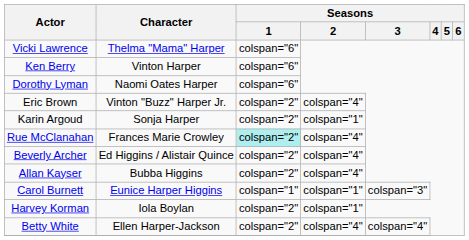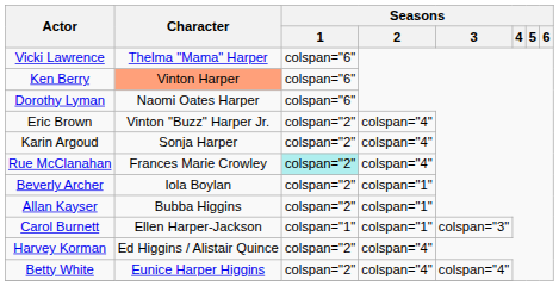 <table class="wikitable plainrowheaders" style="text-align:center;">
 <tr>
 <th scope="col" rowspan="2">Actor</th>
 <th scope="col" rowspan="2">Character</th>
 <th scope="col" colspan="6">Seasons</th>
 </tr>
 <tr>
 <th scope="col">1</th>
 <th scope="col">2</th>
 <th scope="col">3</th>
 <th scope="col">4</th>
 <th scope="col">5</th>
 <th scope="col">6</th>
 </tr>
 <tr>
 <td scope="row"><a href='#'>Vicki Lawrence</a></td>
 <td scope="row"><a href='#'>Thelma "Mama" Harper</a></td>
 <td>colspan="6" </td>
 </tr>
 <tr>
 <td scope="row"><a href='#'>Ken Berry</a></td>
-<td scope="row">Vinton Harper</td>
+<td scope="row" style="background: lightsalmon;">Vinton Harper</td>
 <td>colspan="6" </td>
 </tr>
 <tr>
 <td scope="row"><a href='#'>Dorothy Lyman</a></td>
 <td scope="row">Naomi Oates Harper</td>
 <td>colspan="6" </td>
 </tr>
 <tr>
 <td scope="row">Eric Brown</td>
 <td scope="row">Vinton "Buzz" Harper Jr.</td>
 <td>colspan="2" </td>
 <td>colspan="4" </td>
 </tr>
 <tr>
 <td scope="row">Karin Argoud</td>
 <td scope="row">Sonja Harper</td>
 <td>colspan="2" </td>
-<td>colspan="1" </td>
+<td>colspan="4" </td>
 </tr>
 <tr>
 <td scope="row"><a href='#'>Rue McClanahan</a></td>
 <td scope="row">Frances Marie Crowley</td>
 <td style="background: paleturquoise;">colspan="2" </td>
 <td>colspan="4" </td>
 </tr>
 <tr>
 <td scope="row"><a href='#'>Beverly Archer</a></td>
-<td scope="row">Ed Higgins / Alistair Quince</td>
+<td scope="row">Iola Boylan</td>
 <td>colspan="2" </td>
-<td>colspan="4" </td>
+<td>colspan="1" </td>
 </tr>
 <tr>
 <td scope="row"><a href='#'>Allan Kayser</a></td>
 <td scope="row">Bubba Higgins</td>
 <td>colspan="2" </td>
-<td>colspan="4" </td>
+<td>colspan="1" </td>
 </tr>
 <tr>
 <td scope="row"><a href='#'>Carol Burnett</a></td>
-<td scope="row"><a href='#'>Eunice Harper Higgins</a></td>
+<td scope="row">Ellen Harper-Jackson</td>
 <td>colspan="1" </td>
 <td>colspan="1" </td>
 <td>colspan="3" </td>
 </tr>
 <tr>
 <td scope="row"><a href='#'>Harvey Korman</a></td>
-<td scope="row">Iola Boylan</td>
+<td scope="row">Ed Higgins / Alistair Quince</td>
 <td>colspan="2" </td>
-<td>colspan="1" </td>
+<td>colspan="4" </td>
 </tr>
 <tr>
 <td scope="row"><a href='#'>Betty White</a></td>
-<td scope="row">Ellen Harper-Jackson</td>
+<td scope="row"><a href='#'>Eunice Harper Higgins</a></td>
 <td>colspan="2" </td>
 <td>colspan="4" </td>
 <td>colspan="4" </td>
 </tr>
 <tr>
 </tr>
 </table>
